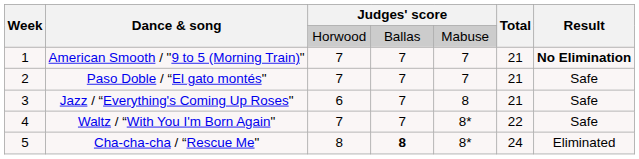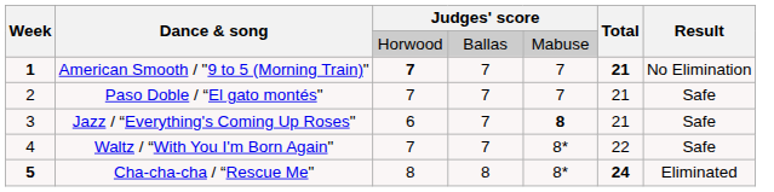 <table class="wikitable collapsible collapsed">
 <tr style="text-align:center; background:#ccc;">
 <th rowspan=2>Week</th>
 <th rowspan=2>Dance & song</th>
 <th colspan=3>Judges' score</th>
 <th rowspan=2>Total</th>
 <th rowspan=2>Result</th>
 </tr>
 <tr style="text-align:center; background:#ccc;">
 <td style="width:10%; ">Horwood</td>
 <td style="width:10%; ">Ballas</td>
 <td style="width:10%; ">Mabuse</td>
 </tr>
 <tr style="text-align:center; background:#faf6f6;">
-<td>1</td>
+<td><strong>1</strong></td>
 <td><a href='#'>American Smooth</a> / "<a href='#'>9 to 5 (Morning Train)</a>"</td>
+<td><strong>7</strong></td>
 <td>7</td>
 <td>7</td>
-<td>7</td>
-<td>21</td>
-<td><strong>No Elimination</strong></td>
+<td><strong>21</strong></td>
+<td>No Elimination</td>
 </tr>
 <tr style="text-align:center; background:#faf6f6;">
 <td>2</td>
 <td><a href='#'>Paso Doble</a> / “<a href='#'>El gato montés</a>"</td>
 <td>7</td>
 <td>7</td>
 <td>7</td>
 <td>21</td>
 <td>Safe</td>
 </tr>
 <tr style="text-align:center; background:#faf6f6;">
 <td>3</td>
 <td><a href='#'>Jazz</a> / “<a href='#'>Everything's Coming Up Roses</a>"</td>
 <td>6</td>
 <td>7</td>
-<td>8</td>
+<td><strong>8</strong></td>
 <td>21</td>
 <td>Safe</td>
 </tr>
 <tr style="text-align:center; background:#faf6f6;">
 <td>4</td>
 <td><a href='#'>Waltz</a> / “<a href='#'>With You I'm Born Again</a>"</td>
 <td>7</td>
 <td>7</td>
 <td>8*</td>
 <td>22</td>
 <td>Safe</td>
 </tr>
 <tr style="text-align:center; background:#faf6f6;">
-<td>5</td>
+<td><strong>5</strong></td>
 <td><a href='#'>Cha-cha-cha</a> / “<a href='#'>Rescue Me</a>"</td>
 <td>8</td>
-<td><strong>8</strong></td>
+<td>8</td>
 <td>8*</td>
-<td>24</td>
+<td><strong>24</strong></td>
 <td>Eliminated</td>
 </tr>
 </table>
